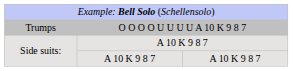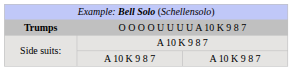 <table cellpadding="3" style="float: right; background: #C0C0C0; margin-left: 1em; border-spacing: 1px;">
 <tr align="center">
 <td style="background: #c0c8f8;" colspan="3" width="450"><em>Example:</em> <strong><em>Bell Solo</em></strong> (<em>Schellensolo</em>)</td>
 </tr>
 <tr align="center">
-<td>Trumps</td>
+<td><strong>Trumps</strong></td>
 <td colspan="2">O O O O U U U U A 10 K 9 8 7</td>
 </tr>
 <tr align="center">
 <td rowspan = "2" style="background: #e5e4e2;">Side suits:</td>
 <td colspan = "2" style="background: #e5e4e2;">A 10 K 9 8 7</td>
 </tr>
 <tr align="center">
 <td style="background: #e5e4e2;">A 10 K 9 8 7</td>
 <td style="background: #e5e4e2;">A 10 K 9 8 7</td>
 </tr>
 </table>
